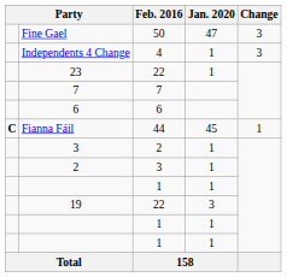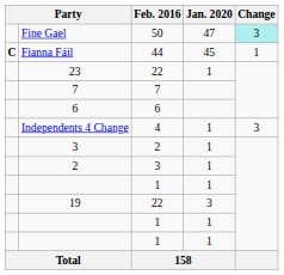 <table class="wikitable sortable" style="font-size: 95%;">
 <tr>
 <th colspan=2>Party</th>
 <th>Feb. 2016</th>
 <th>Jan. 2020</th>
 <th class=unsortable>Change</th>
 </tr>
 <tr>
 <td style="background-color: "></td>
 <td><a href='#'>Fine Gael</a></td>
 <td align="center">50</td>
 <td align="center">47</td>
-<td align="center"> 3</td>
+<td align="center" style="background: paleturquoise;"> 3</td>
 </tr>
-<tr>
-<td style="background-color: "></td>
-<td><a href='#'>Independents 4 Change</a></td>
-<td align="center">4</td>
-<td align="center">1</td>
-<td align="center"> 3</td>
+<tr style="text-align:center">
+<td style="background-color: "><span><strong>C</strong></span></td>
+<td align="left"><a href='#'>Fianna Fáil</a></td>
+<td align="center">44</td>
+<td align="center">45</td>
+<td align="center"> 1</td>
 </tr>
 <tr>
 <td></td>
 <td align="center">23</td>
 <td align="center">22</td>
 <td align="center"> 1</td>
 </tr>
 <tr>
 <td></td>
 <td align="center">7</td>
 <td align="center">7</td>
 <td align="center"></td>
 </tr>
 <tr>
 <td></td>
 <td align="center">6</td>
 <td align="center">6</td>
 <td align="center"></td>
 </tr>
-<tr style="text-align:center">
-<td style="background-color: "><span><strong>C</strong></span></td>
-<td align="left"><a href='#'>Fianna Fáil</a></td>
-<td align="center">44</td>
-<td align="center">45</td>
-<td align="center"> 1</td>
+<tr>
+<td style="background-color: "></td>
+<td><a href='#'>Independents 4 Change</a></td>
+<td align="center">4</td>
+<td align="center">1</td>
+<td align="center"> 3</td>
 </tr>
 <tr>
 <td></td>
 <td align="center">3</td>
 <td align="center">2</td>
 <td align="center"> 1</td>
 </tr>
 <tr>
 <td></td>
 <td align="center">2</td>
 <td align="center">3</td>
 <td align="center"> 1</td>
 </tr>
 <tr>
 <td></td>
 <td></td>
 <td align="center">1</td>
 <td align="center"> 1</td>
 </tr>
 <tr>
 <td></td>
 <td align="center">19</td>
 <td align="center">22</td>
 <td align="center"> 3</td>
 </tr>
 <tr>
 <td></td>
 <td></td>
 <td align="center">1</td>
 <td align="center"> 1</td>
 </tr>
 <tr>
 <td></td>
 <td></td>
 <td align="center">1</td>
 <td align="center"> 1</td>
 </tr>
 <tr>
 <th colspan="2">Total</th>
 <th colspan="2" align="center">158</th>
 <th align="center"></th>
 </tr>
 </table>
